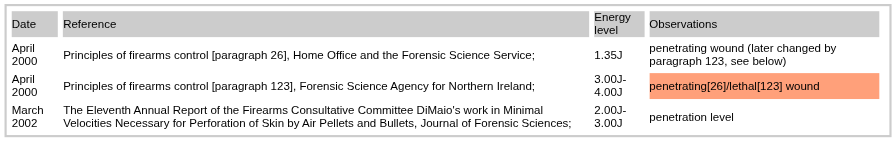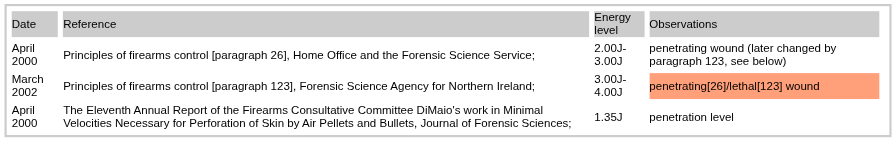 <table cellpadding="0" cellspacing="7" style="margin: 1em 1em 1em 1em; border:3px solid #cccccc;" align="center">
 <tr bgcolor="#cccccc">
 <td>Date</td>
 <td>Reference</td>
 <td>Energy level</td>
 <td>Observations</td>
 <td></td>
 </tr>
 <tr>
 <td>April 2000</td>
 <td>Principles of firearms control [paragraph 26], Home Office and the Forensic Science Service;</td>
-<td>1.35J</td>
+<td>2.00J-3.00J</td>
 <td>penetrating wound (later changed by paragraph 123, see below)</td>
 <td></td>
 </tr>
 <tr>
-<td>April 2000</td>
+<td>March 2002</td>
 <td>Principles of firearms control [paragraph 123], Forensic Science Agency for Northern Ireland;</td>
 <td>3.00J-4.00J</td>
 <td style="background: lightsalmon;">penetrating[26]/lethal[123] wound</td>
 <td></td>
 </tr>
 <tr>
-<td>March 2002</td>
+<td>April 2000</td>
 <td>The Eleventh Annual Report of the Firearms Consultative Committee DiMaio's work in Minimal Velocities Necessary for Perforation of Skin by Air Pellets and Bullets, Journal of Forensic Sciences;</td>
-<td>2.00J-3.00J</td>
+<td>1.35J</td>
 <td>penetration level</td>
 <td></td>
 </tr>
 </table>
